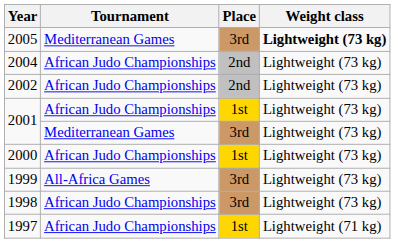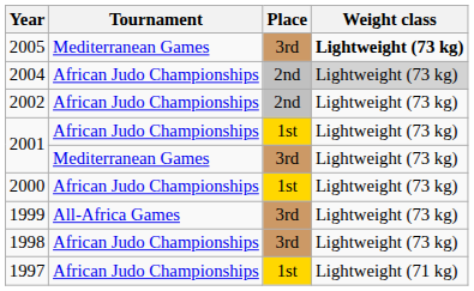 <table class=wikitable>
 <tr>
 <th>Year</th>
 <th>Tournament</th>
 <th>Place</th>
 <th>Weight class</th>
 </tr>
 <tr>
 <td>2005</td>
 <td><a href='#'>Mediterranean Games</a></td>
 <td bgcolor="cc9966" align="center">3rd</td>
 <td><strong>Lightweight (73 kg)</strong></td>
 </tr>
 <tr>
 <td>2004</td>
 <td><a href='#'>African Judo Championships</a></td>
 <td bgcolor="silver" align="center">2nd</td>
-<td>Lightweight (73 kg)</td>
+<td style="background: lightgrey;">Lightweight (73 kg)</td>
 </tr>
 <tr>
 <td>2002</td>
 <td><a href='#'>African Judo Championships</a></td>
 <td bgcolor="silver" align="center">2nd</td>
 <td>Lightweight (73 kg)</td>
 </tr>
 <tr>
 <td rowspan=2>2001</td>
 <td><a href='#'>African Judo Championships</a></td>
 <td bgcolor="gold" align="center">1st</td>
 <td>Lightweight (73 kg)</td>
 </tr>
 <tr>
 <td><a href='#'>Mediterranean Games</a></td>
 <td bgcolor="cc9966" align="center">3rd</td>
 <td>Lightweight (73 kg)</td>
 </tr>
 <tr>
 <td>2000</td>
 <td><a href='#'>African Judo Championships</a></td>
 <td bgcolor="gold" align="center">1st</td>
 <td>Lightweight (73 kg)</td>
 </tr>
 <tr>
 <td>1999</td>
 <td><a href='#'>All-Africa Games</a></td>
 <td bgcolor="cc9966" align="center">3rd</td>
 <td>Lightweight (73 kg)</td>
 </tr>
 <tr>
 <td>1998</td>
 <td><a href='#'>African Judo Championships</a></td>
 <td bgcolor="cc9966" align="center">3rd</td>
 <td>Lightweight (73 kg)</td>
 </tr>
 <tr>
 <td>1997</td>
 <td><a href='#'>African Judo Championships</a></td>
 <td bgcolor="gold" align="center">1st</td>
 <td>Lightweight (71 kg)</td>
 </tr>
 </table>
